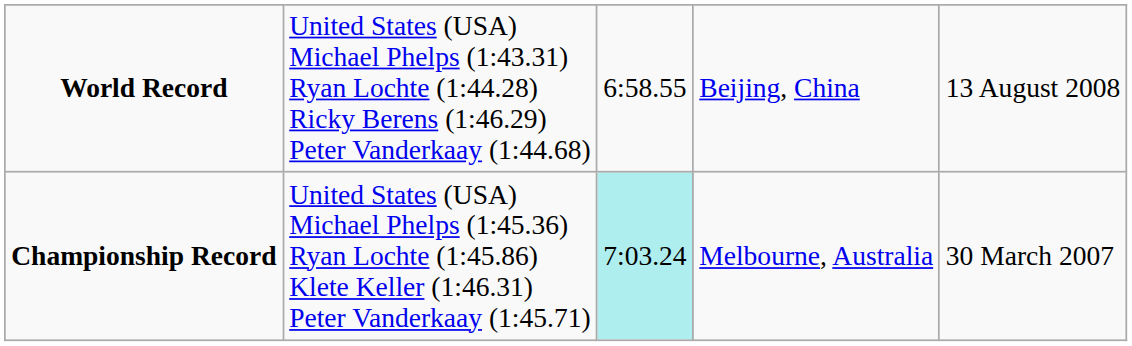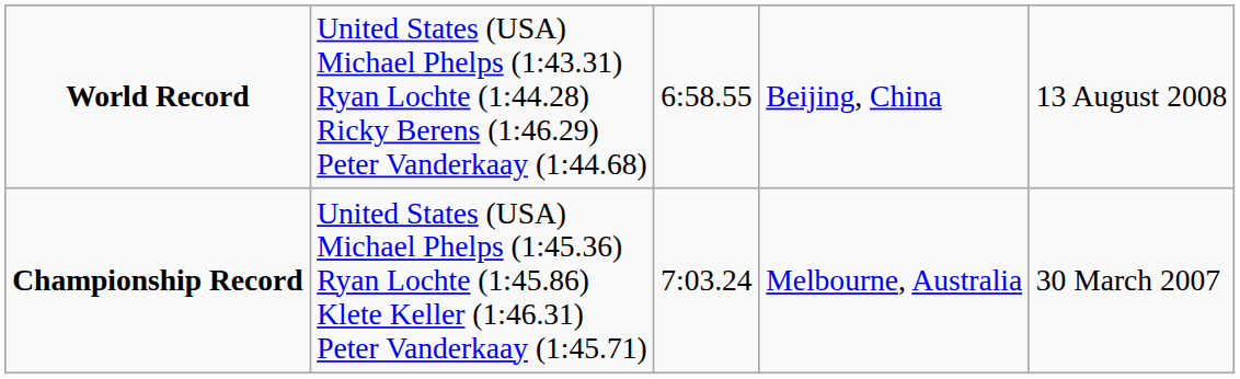 <table class="wikitable" border="1" align="center">
 <tr>
 <td align="center"><strong>World Record</strong></td>
 <td> <a href='#'>United States</a> (USA)<br><a href='#'>Michael Phelps</a> (1:43.31)<br><a href='#'>Ryan Lochte</a> (1:44.28)<br><a href='#'>Ricky Berens</a> (1:46.29)<br><a href='#'>Peter Vanderkaay</a> (1:44.68)</td>
 <td>6:58.55</td>
 <td><a href='#'>Beijing</a>, <a href='#'>China</a></td>
 <td>13 August 2008</td>
 </tr>
 <tr>
 <td align="center"><strong>Championship Record</strong></td>
 <td> <a href='#'>United States</a> (USA)<br><a href='#'>Michael Phelps</a> (1:45.36)<br><a href='#'>Ryan Lochte</a> (1:45.86)<br><a href='#'>Klete Keller</a> (1:46.31)<br><a href='#'>Peter Vanderkaay</a> (1:45.71)</td>
-<td style="background: paleturquoise;">7:03.24</td>
+<td>7:03.24</td>
 <td><a href='#'>Melbourne</a>, <a href='#'>Australia</a></td>
 <td>30 March 2007</td>
 </tr>
 </table>
